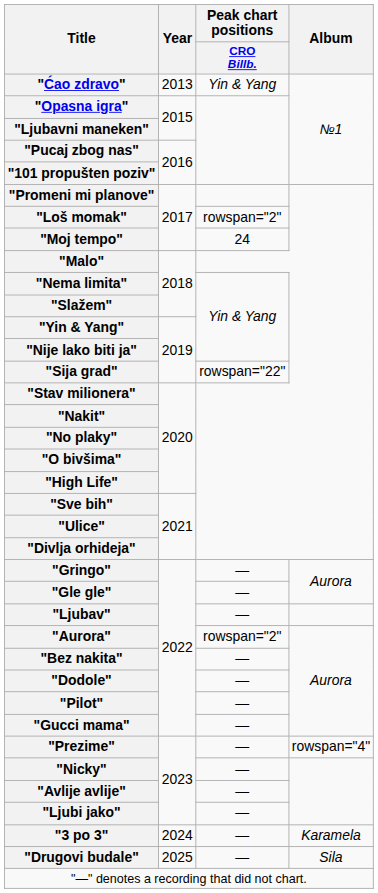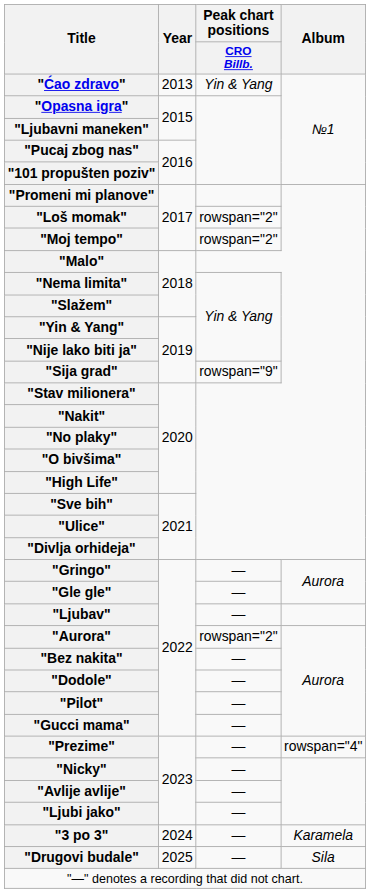 <table class="wikitable plainrowheaders" style="text-align:center;">
 <tr>
 <th rowspan="2" scope="col">Title</th>
 <th rowspan="2" scope="col">Year</th>
 <th>Peak chart positions</th>
 <th rowspan="2" scope="col">Album</th>
 </tr>
 <tr>
 <th style="width:2.5em; font-size:85%"><a href='#'>CRO<br><em>Billb.</em></a><br></th>
 </tr>
 <tr>
 <th scope="row">"<a href='#'>Ćao zdravo</a>"<br></th>
 <td rowspan="1">2013</td>
 <td rowspan="1"><em>Yin & Yang</em></td>
 <td rowspan="5"><em>№1</em></td>
 </tr>
 <tr>
 <th scope="row">"<a href='#'>Opasna igra</a>"</th>
 <td rowspan="2">2015</td>
 </tr>
 <tr>
 <th scope="row">"Ljubavni maneken"</th>
 </tr>
 <tr>
 <th scope="row">"Pucaj zbog nas"</th>
 <td rowspan="2">2016</td>
 </tr>
 <tr>
 <th scope="row">"101 propušten poziv"</th>
 </tr>
 <tr>
 <th scope="row">"Promeni mi planove"</th>
 <td rowspan="3">2017</td>
 <td></td>
 </tr>
 <tr>
 <th scope="row">"Loš momak"</th>
 <td>rowspan="2" </td>
 </tr>
 <tr>
 <th scope="row">"Moj tempo"</th>
-<td>24</td>
+<td>rowspan="2" </td>
 </tr>
 <tr>
 <th scope="row">"Malo"</th>
 <td rowspan="3">2018</td>
 </tr>
 <tr>
 <th scope="row">"Nema limita"</th>
 <td rowspan="4"><em>Yin & Yang</em></td>
 </tr>
 <tr>
 <th scope="row">"Slažem"</th>
 </tr>
 <tr>
 <th scope="row">"Yin & Yang"</th>
 <td rowspan="3">2019</td>
 </tr>
 <tr>
 <th scope="row">"Nije lako biti ja"<br></th>
 </tr>
 <tr>
 <th scope="row">"Sija grad"</th>
-<td>rowspan="22" </td>
+<td>rowspan="9" </td>
 </tr>
 <tr>
 <th scope="row">"Stav milionera"</th>
 <td rowspan="5">2020</td>
 </tr>
 <tr>
 <th scope="row">"Nakit"</th>
 </tr>
 <tr>
 <th scope="row">"No plaky"</th>
 </tr>
 <tr>
 <th scope="row">"O bivšima"</th>
 </tr>
 <tr>
 <th scope="row">"High Life"</th>
 </tr>
 <tr>
 <th scope="row">"Sve bih"</th>
 <td rowspan="3">2021</td>
 </tr>
 <tr>
 <th scope="row">"Ulice"<br></th>
 </tr>
 <tr>
 <th scope="row">"Divlja orhideja"</th>
 </tr>
 <tr>
 <th scope="row">"Gringo"</th>
 <td rowspan="8">2022</td>
 <td>—</td>
 <td rowspan="2"><em>Aurora</em></td>
 </tr>
 <tr>
 <th scope="row">"Gle gle"</th>
 <td>—</td>
 </tr>
 <tr>
 <th scope="row">"Ljubav"<br></th>
 <td>—</td>
 <td></td>
 </tr>
 <tr>
 <th scope="row">"Aurora"<br></th>
 <td>rowspan="2" </td>
 <td rowspan="5"><em>Aurora</em></td>
 </tr>
 <tr>
 <th scope="row">"Bez nakita"</th>
 <td>—</td>
 </tr>
 <tr>
 <th scope="row">"Dodole"</th>
 <td>—</td>
 </tr>
 <tr>
 <th scope="row">"Pilot"</th>
 <td>—</td>
 </tr>
 <tr>
 <th scope="row">"Gucci mama"</th>
 <td>—</td>
 </tr>
 <tr>
 <th scope="row">"Prezime"</th>
 <td rowspan="4">2023</td>
 <td>—</td>
 <td>rowspan="4" </td>
 </tr>
 <tr>
 <th scope="row">"Nicky"</th>
 <td>—</td>
 </tr>
 <tr>
 <th scope="row">"Avlije avlije"</th>
 <td>—</td>
 </tr>
 <tr>
 <th scope="row">"Ljubi jako"</th>
 <td>—</td>
 </tr>
 <tr>
 <th scope="row">"3 po 3"<br></th>
 <td>2024</td>
 <td>—</td>
 <td><em>Karamela</em></td>
 </tr>
 <tr>
 <th scope="row">"Drugovi budale"</th>
 <td>2025</td>
 <td>—</td>
 <td><em>Sila</em></td>
 </tr>
 <tr>
 <td colspan="4" style="font-size:90%">"—" denotes a recording that did not chart.</td>
 </tr>
 </table>
